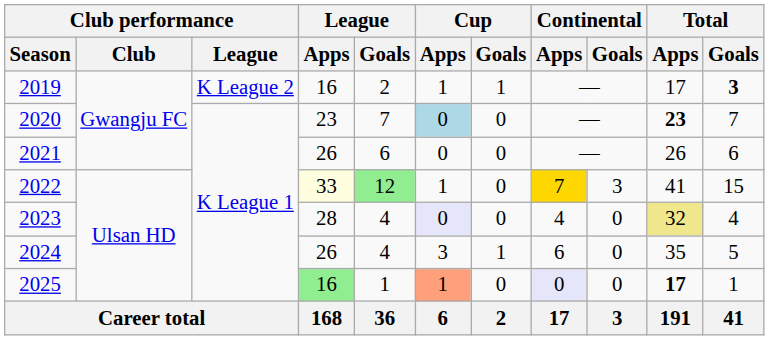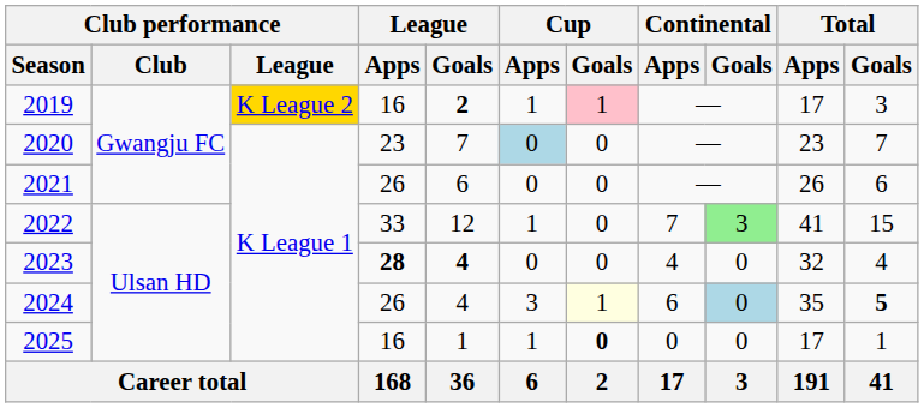 <table class="wikitable" style="text-align:center">
 <tr>
 <th colspan=3>Club performance</th>
 <th colspan=2>League</th>
 <th colspan=2>Cup</th>
 <th colspan=2>Continental</th>
 <th colspan=2>Total</th>
 </tr>
 <tr>
 <th>Season</th>
 <th>Club</th>
 <th>League</th>
 <th>Apps</th>
 <th>Goals</th>
 <th>Apps</th>
 <th>Goals</th>
 <th>Apps</th>
 <th>Goals</th>
 <th>Apps</th>
 <th>Goals</th>
 </tr>
 <tr>
 <td><a href='#'>2019</a></td>
 <td rowspan="3"><a href='#'>Gwangju FC</a></td>
-<td><a href='#'>K League 2</a></td>
+<td style="background: gold;"><a href='#'>K League 2</a></td>
 <td>16</td>
-<td>2</td>
+<td><strong>2</strong></td>
 <td>1</td>
-<td>1</td>
+<td style="background: pink;">1</td>
 <td colspan=2>—</td>
 <td>17</td>
-<td><strong>3</strong></td>
+<td>3</td>
 </tr>
 <tr>
 <td><a href='#'>2020</a></td>
 <td rowspan="6"><a href='#'>K League 1</a></td>
 <td>23</td>
 <td>7</td>
 <td style="background: lightblue;">0</td>
 <td>0</td>
 <td colspan=2>—</td>
-<td><strong>23</strong></td>
+<td>23</td>
 <td>7</td>
 </tr>
 <tr>
 <td><a href='#'>2021</a></td>
 <td>26</td>
 <td>6</td>
 <td>0</td>
 <td>0</td>
 <td colspan="2">—</td>
 <td>26</td>
 <td>6</td>
 </tr>
 <tr>
 <td><a href='#'>2022</a></td>
 <td rowspan="4"><a href='#'>Ulsan HD</a></td>
-<td style="background: lightyellow;">33</td>
-<td style="background: lightgreen;">12</td>
+<td>33</td>
+<td>12</td>
 <td>1</td>
 <td>0</td>
-<td style="background: gold;">7</td>
-<td>3</td>
+<td>7</td>
+<td style="background: lightgreen;">3</td>
 <td>41</td>
 <td>15</td>
 </tr>
 <tr>
 <td><a href='#'>2023</a></td>
-<td>28</td>
-<td>4</td>
-<td style="background: lavender;">0</td>
+<td><strong>28</strong></td>
+<td><strong>4</strong></td>
+<td>0</td>
 <td>0</td>
 <td>4</td>
 <td>0</td>
-<td style="background: khaki;">32</td>
+<td>32</td>
 <td>4</td>
 </tr>
 <tr>
 <td><a href='#'>2024</a></td>
 <td>26</td>
 <td>4</td>
 <td>3</td>
-<td>1</td>
+<td style="background: lightyellow;">1</td>
 <td>6</td>
-<td>0</td>
+<td style="background: lightblue;">0</td>
 <td>35</td>
-<td>5</td>
+<td><strong>5</strong></td>
 </tr>
 <tr>
 <td><a href='#'>2025</a></td>
-<td style="background: lightgreen;">16</td>
+<td>16</td>
 <td>1</td>
-<td style="background: lightsalmon;">1</td>
+<td>1</td>
+<td><strong>0</strong></td>
 <td>0</td>
-<td style="background: lavender;">0</td>
 <td>0</td>
-<td><strong>17</strong></td>
+<td>17</td>
 <td>1</td>
 </tr>
 <tr>
 <th colspan=3>Career total</th>
 <th>168</th>
 <th>36</th>
 <th>6</th>
 <th>2</th>
 <th>17</th>
 <th>3</th>
 <th>191</th>
 <th>41</th>
 </tr>
 </table>
